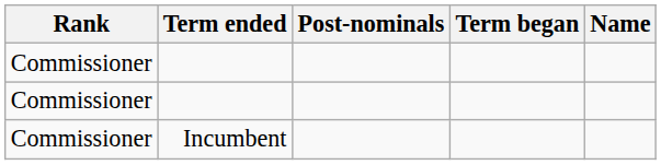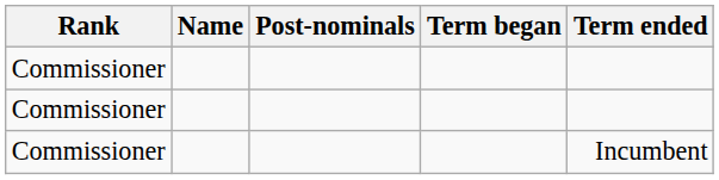 <table class="wikitable sortable">
 <tr>
 <th>Rank</th>
-<th>Term ended</th>
+<th>Name</th>
 <th>Post-nominals</th>
 <th>Term began</th>
-<th>Name</th>
+<th>Term ended</th>
 </tr>
 <tr>
 <td>Commissioner</td>
-<td align=right></td>
+<td></td>
 <td></td>
 <td align=right></td>
-<td></td>
+<td align=right></td>
 </tr>
 <tr>
 <td>Commissioner</td>
-<td align=right></td>
+<td></td>
 <td></td>
 <td align=right></td>
-<td></td>
+<td align=right></td>
 </tr>
 <tr>
 <td>Commissioner</td>
-<td align=right>Incumbent</td>
+<td></td>
 <td></td>
 <td align=right></td>
-<td></td>
+<td align=right>Incumbent</td>
 </tr>
 </table>
